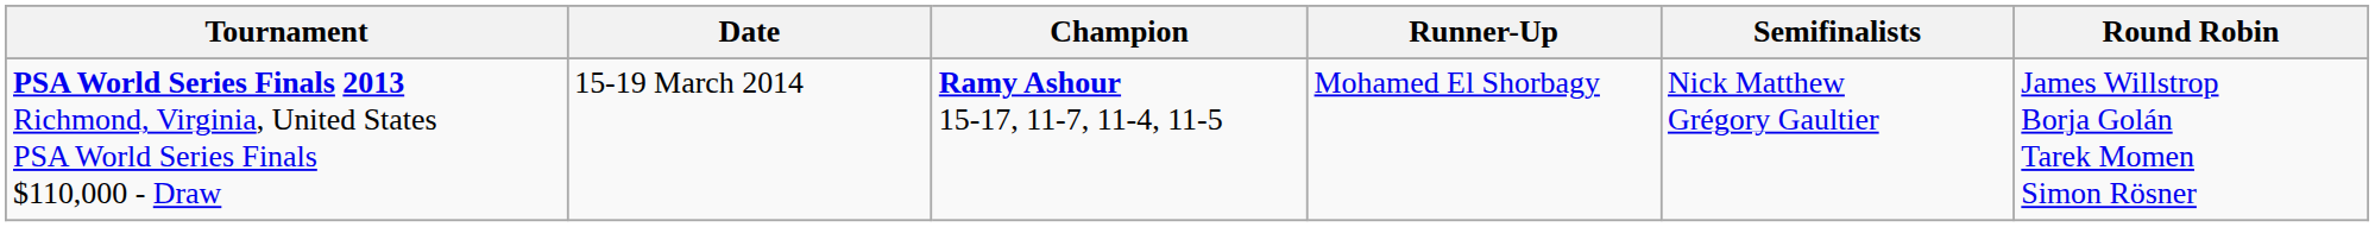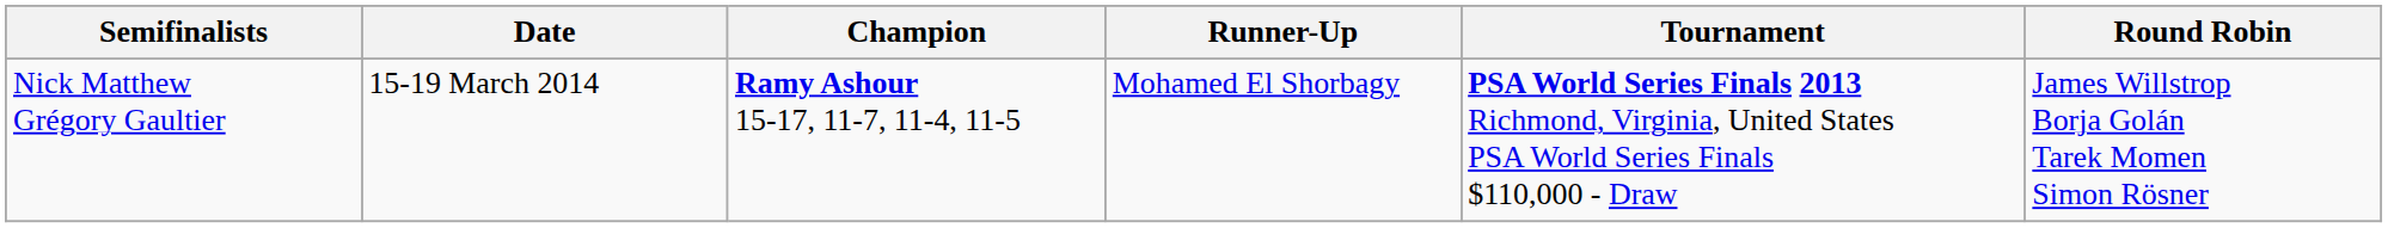 <table class="wikitable" style="font-size:88%">
 <tr>
-<th width=250>Tournament</th>
+<th width=155>Semifinalists</th>
 <th width=160>Date</th>
 <th width=165>Champion</th>
 <th width=155>Runner-Up</th>
-<th width=155>Semifinalists</th>
+<th width=250>Tournament</th>
 <th width=155>Round Robin</th>
 </tr>
 <tr valign=top>
-<td><strong><a href='#'>PSA World Series Finals</a> <a href='#'>2013</a></strong><br> <a href='#'>Richmond, Virginia</a>, United States<br><a href='#'>PSA World Series Finals</a><br>$110,000 - <a href='#'>Draw</a></td>
+<td> <a href='#'>Nick Matthew</a><br> <a href='#'>Grégory Gaultier</a></td>
 <td>15-19 March 2014</td>
 <td> <strong><a href='#'>Ramy Ashour</a></strong><br>15-17, 11-7, 11-4, 11-5</td>
 <td> <a href='#'>Mohamed El Shorbagy</a></td>
-<td> <a href='#'>Nick Matthew</a><br> <a href='#'>Grégory Gaultier</a></td>
+<td><strong><a href='#'>PSA World Series Finals</a> <a href='#'>2013</a></strong><br> <a href='#'>Richmond, Virginia</a>, United States<br><a href='#'>PSA World Series Finals</a><br>$110,000 - <a href='#'>Draw</a></td>
 <td> <a href='#'>James Willstrop</a><br> <a href='#'>Borja Golán</a><br> <a href='#'>Tarek Momen</a><br> <a href='#'>Simon Rösner</a></td>
 </tr>
 </table>
